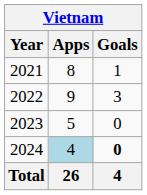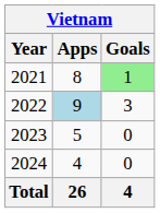 <table class="wikitable" style="text-align:center">
 <tr>
 <th colspan=4><a href='#'>Vietnam</a></th>
 </tr>
 <tr>
 <th>Year</th>
 <th>Apps</th>
 <th>Goals</th>
 </tr>
 <tr>
 <td>2021</td>
 <td>8</td>
-<td>1</td>
+<td style="background: lightgreen;">1</td>
 </tr>
 <tr>
 <td>2022</td>
-<td>9</td>
+<td style="background: lightblue;">9</td>
 <td>3</td>
 </tr>
 <tr>
 <td>2023</td>
 <td>5</td>
 <td>0</td>
 </tr>
 <tr>
 <td>2024</td>
-<td style="background: lightblue;">4</td>
-<td><strong>0</strong></td>
+<td>4</td>
+<td>0</td>
 </tr>
 <tr>
 <th>Total</th>
 <th>26</th>
 <th>4</th>
 </tr>
 </table>
